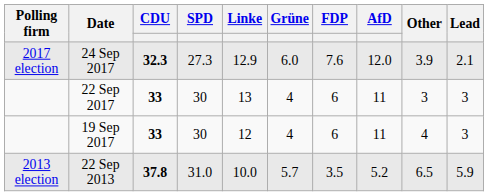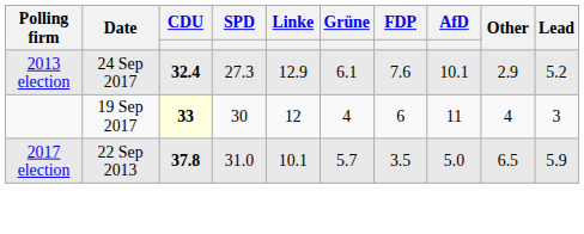 <table class="wikitable sortable" style="text-align:center; font-size:90%; line-height:16px;">
 <tr>
 <th style="width:60px;" rowspan="2">Polling firm</th>
 <th style="width:60px;" rowspan="2">Date</th>
 <th style="width:40px;" class="unsortable"><a href='#'>CDU</a></th>
 <th style="width:40px;" class="unsortable"><a href='#'>SPD</a></th>
 <th style="width:40px;" class="unsortable"><a href='#'>Linke</a></th>
 <th style="width:40px;" class="unsortable"><a href='#'>Grüne</a></th>
 <th style="width:40px;" class="unsortable"><a href='#'>FDP</a></th>
 <th style="width:40px;" class="unsortable"><a href='#'>AfD</a></th>
 <th style="width:40px;" rowspan="2" class="unsortable">Other</th>
 <th style="width:30px;" rowspan="2" class="unsortable">Lead</th>
 </tr>
 <tr>
 <th style="color:inherit;background:"></th>
 <th style="color:inherit;background:"></th>
 <th style="color:inherit;background:"></th>
 <th style="color:inherit;background:"></th>
 <th style="color:inherit;background:"></th>
 <th style="color:inherit;background:"></th>
 </tr>
 <tr style="background-color:#E9E9E9">
-<td><a href='#'>2017 election</a></td>
+<td><a href='#'>2013 election</a></td>
 <td>24 Sep 2017</td>
-<td><strong>32.3</strong></td>
+<td><strong>32.4</strong></td>
 <td>27.3</td>
 <td>12.9</td>
-<td>6.0</td>
+<td>6.1</td>
 <td>7.6</td>
-<td>12.0</td>
-<td>3.9</td>
-<td style="background:">2.1</td>
-</tr>
-<tr>
-<td></td>
-<td>22 Sep 2017</td>
-<td><strong>33</strong></td>
-<td>30</td>
-<td>13</td>
-<td>4</td>
-<td>6</td>
-<td>11</td>
-<td>3</td>
-<td style="background:">3</td>
+<td>10.1</td>
+<td>2.9</td>
+<td style="background:">5.2</td>
 </tr>
 <tr>
 <td></td>
 <td>19 Sep 2017</td>
-<td><strong>33</strong></td>
+<td style="background: lightyellow;"><strong>33</strong></td>
 <td>30</td>
 <td>12</td>
 <td>4</td>
 <td>6</td>
 <td>11</td>
 <td>4</td>
 <td style="background:">3</td>
 </tr>
 <tr style="background-color:#E9E9E9">
-<td><a href='#'>2013 election</a></td>
+<td><a href='#'>2017 election</a></td>
 <td>22 Sep 2013</td>
 <td><strong>37.8</strong></td>
 <td>31.0</td>
-<td>10.0</td>
+<td>10.1</td>
 <td>5.7</td>
 <td>3.5</td>
-<td>5.2</td>
+<td>5.0</td>
 <td>6.5</td>
 <td style="background:">5.9</td>
 </tr>
 </table>
